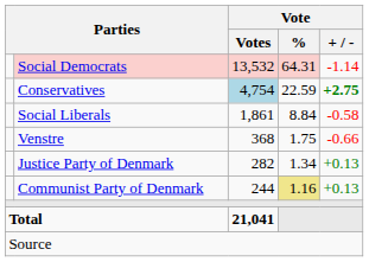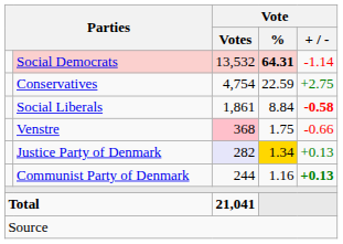 <table class="wikitable" style="text-align:right;">
 <tr>
 <th style="text-align:centre;" rowspan="2" colspan="2" width="225">Parties</th>
 <th colspan="3">Vote</th>
 </tr>
 <tr>
 <th width="15">Votes</th>
 <th width="15">%</th>
 <th width="15">+ / -</th>
 </tr>
 <tr>
 <td width="2" style="color:inherit;background:"></td>
 <td bgcolor=#fbd0ce  align="left"><a href='#'>Social Democrats</a></td>
 <td bgcolor=#fbd0ce>13,532</td>
-<td bgcolor=#fbd0ce>64.31</td>
+<td bgcolor=#fbd0ce><strong>64.31</strong></td>
 <td style=color:red;>-1.14</td>
 </tr>
 <tr>
 <td width="2" style="color:inherit;background:"></td>
 <td align="left"><a href='#'>Conservatives</a></td>
-<td style="background: lightblue;">4,754</td>
+<td>4,754</td>
 <td>22.59</td>
-<td style=color:green;><strong>+2.75</strong></td>
+<td style=color:green;>+2.75</td>
 </tr>
 <tr>
 <td width="2" style="color:inherit;background:"></td>
 <td align="left"><a href='#'>Social Liberals</a></td>
 <td>1,861</td>
 <td>8.84</td>
-<td style=color:red;>-0.58</td>
+<td style=color:red;><strong>-0.58</strong></td>
 </tr>
 <tr>
 <td width="2" style="color:inherit;background:"></td>
 <td align="left"><a href='#'>Venstre</a></td>
-<td>368</td>
+<td style="background: pink;">368</td>
 <td>1.75</td>
 <td style=color:red;>-0.66</td>
 </tr>
 <tr>
 <td width="2" style="color:inherit;background:"></td>
 <td align="left"><a href='#'>Justice Party of Denmark</a></td>
-<td>282</td>
-<td>1.34</td>
+<td style="background: lavender;">282</td>
+<td style="background: gold;">1.34</td>
 <td style=color:green;>+0.13</td>
 </tr>
 <tr>
 <td width="2" style="color:inherit;background:"></td>
 <td align="left"><a href='#'>Communist Party of Denmark</a></td>
 <td>244</td>
-<td style="background: khaki;">1.16</td>
-<td style=color:green;>+0.13</td>
+<td>1.16</td>
+<td style=color:green;><strong>+0.13</strong></td>
 </tr>
 <tr>
 <td colspan="7" bgcolor="#E9E9E9"></td>
 </tr>
 <tr>
 <td align="left" colspan="2"><strong>Total</strong></td>
 <td><strong>21,041</strong></td>
 <td bgcolor="#E9E9E9" colspan="2"></td>
 </tr>
 <tr>
 <td align="left" colspan="6">Source</td>
 </tr>
 </table>
